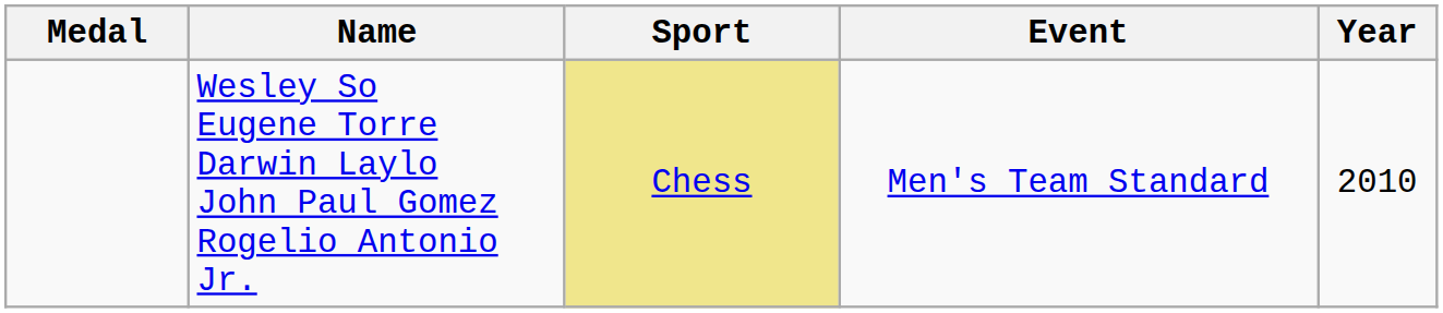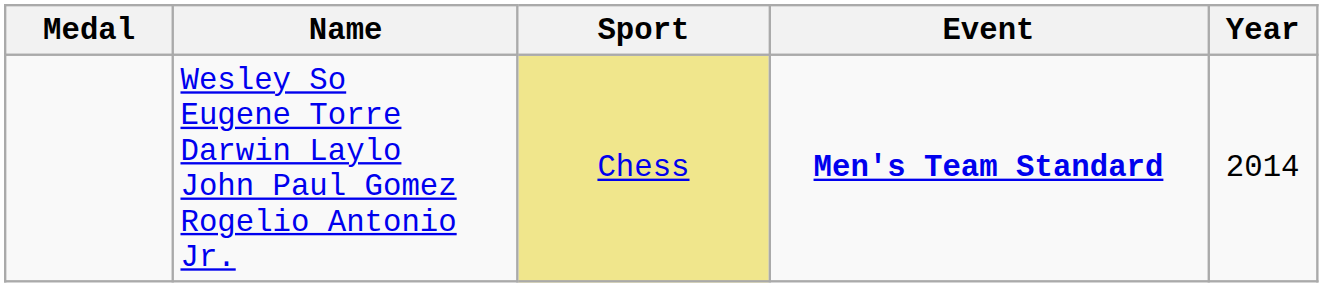 <table class="wikitable"  style="font-size:100%;  text-align:center;">
 <tr>
 <th width="65">Medal</th>
 <th width="140">Name</th>
 <th width="100">Sport</th>
 <th width="180">Event</th>
 <th width="40">Year</th>
 </tr>
 <tr>
 <td></td>
 <td align=left><a href='#'>Wesley So</a><br><a href='#'>Eugene Torre</a><br><a href='#'>Darwin Laylo</a><br><a href='#'>John Paul Gomez</a><br><a href='#'>Rogelio Antonio Jr.</a></td>
 <td style="background: khaki;"><a href='#'>Chess</a></td>
-<td><a href='#'>Men's Team Standard</a></td>
-<td>2010</td>
+<td><strong><a href='#'>Men's Team Standard</a></strong></td>
+<td>2014</td>
 </tr>
 </table>
